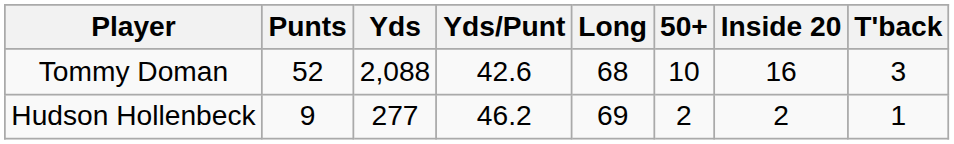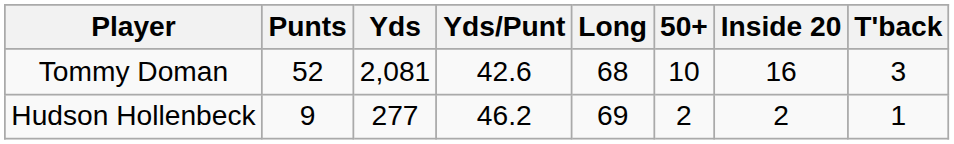 <table class="wikitable sortable sortable" style="text-align: center">
 <tr align=center>
 <th>Player</th>
 <th>Punts</th>
 <th>Yds</th>
 <th>Yds/Punt</th>
 <th>Long</th>
 <th>50+</th>
 <th>Inside 20</th>
 <th>T'back</th>
 </tr>
 <tr>
 <td>Tommy Doman</td>
 <td>52</td>
-<td>2,088</td>
+<td>2,081</td>
 <td>42.6</td>
 <td>68</td>
 <td>10</td>
 <td>16</td>
 <td>3</td>
 </tr>
 <tr>
 <td>Hudson Hollenbeck</td>
 <td>9</td>
 <td>277</td>
 <td>46.2</td>
 <td>69</td>
 <td>2</td>
 <td>2</td>
 <td>1</td>
 </tr>
 </table>
